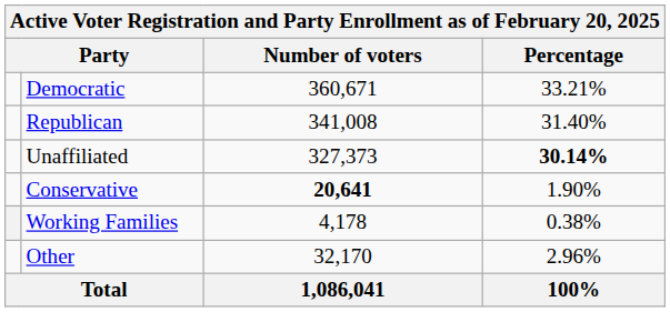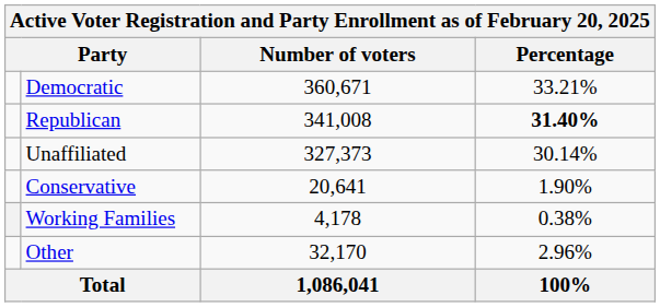 <table class=wikitable>
 <tr>
 <th colspan = 6>Active Voter Registration and Party Enrollment as of February 20, 2025</th>
 </tr>
 <tr>
 <th colspan = 2>Party</th>
 <th>Number of voters</th>
 <th>Percentage</th>
 </tr>
 <tr>
 <td></td>
 <td><a href='#'>Democratic</a></td>
 <td style="text-align:center;">360,671</td>
 <td style="text-align:center;">33.21%</td>
 </tr>
 <tr>
 <td></td>
 <td><a href='#'>Republican</a></td>
 <td style="text-align:center;">341,008</td>
-<td style="text-align:center;">31.40%</td>
+<td style="text-align:center;"><strong>31.40%</strong></td>
 </tr>
 <tr>
 <td></td>
 <td>Unaffiliated</td>
 <td style="text-align:center;">327,373</td>
-<td style="text-align:center;"><strong>30.14%</strong></td>
+<td style="text-align:center;">30.14%</td>
 </tr>
 <tr>
 <td></td>
 <td><a href='#'>Conservative</a></td>
-<td style="text-align:center;"><strong>20,641</strong></td>
+<td style="text-align:center;">20,641</td>
 <td style="text-align:center;">1.90%</td>
 </tr>
 <tr>
 <th style="background:"></th>
 <td style="width: 130px"><a href='#'>Working Families</a></td>
 <td style="text-align:center;">4,178</td>
 <td style="text-align:center;">0.38%</td>
 </tr>
 <tr>
 <td></td>
 <td><a href='#'>Other</a></td>
 <td align=center>32,170</td>
 <td align=center>2.96%</td>
 </tr>
 <tr>
 <th colspan = 2>Total</th>
 <th style="text-align:center;">1,086,041</th>
 <th style="text-align:center;">100%</th>
 </tr>
 </table>
